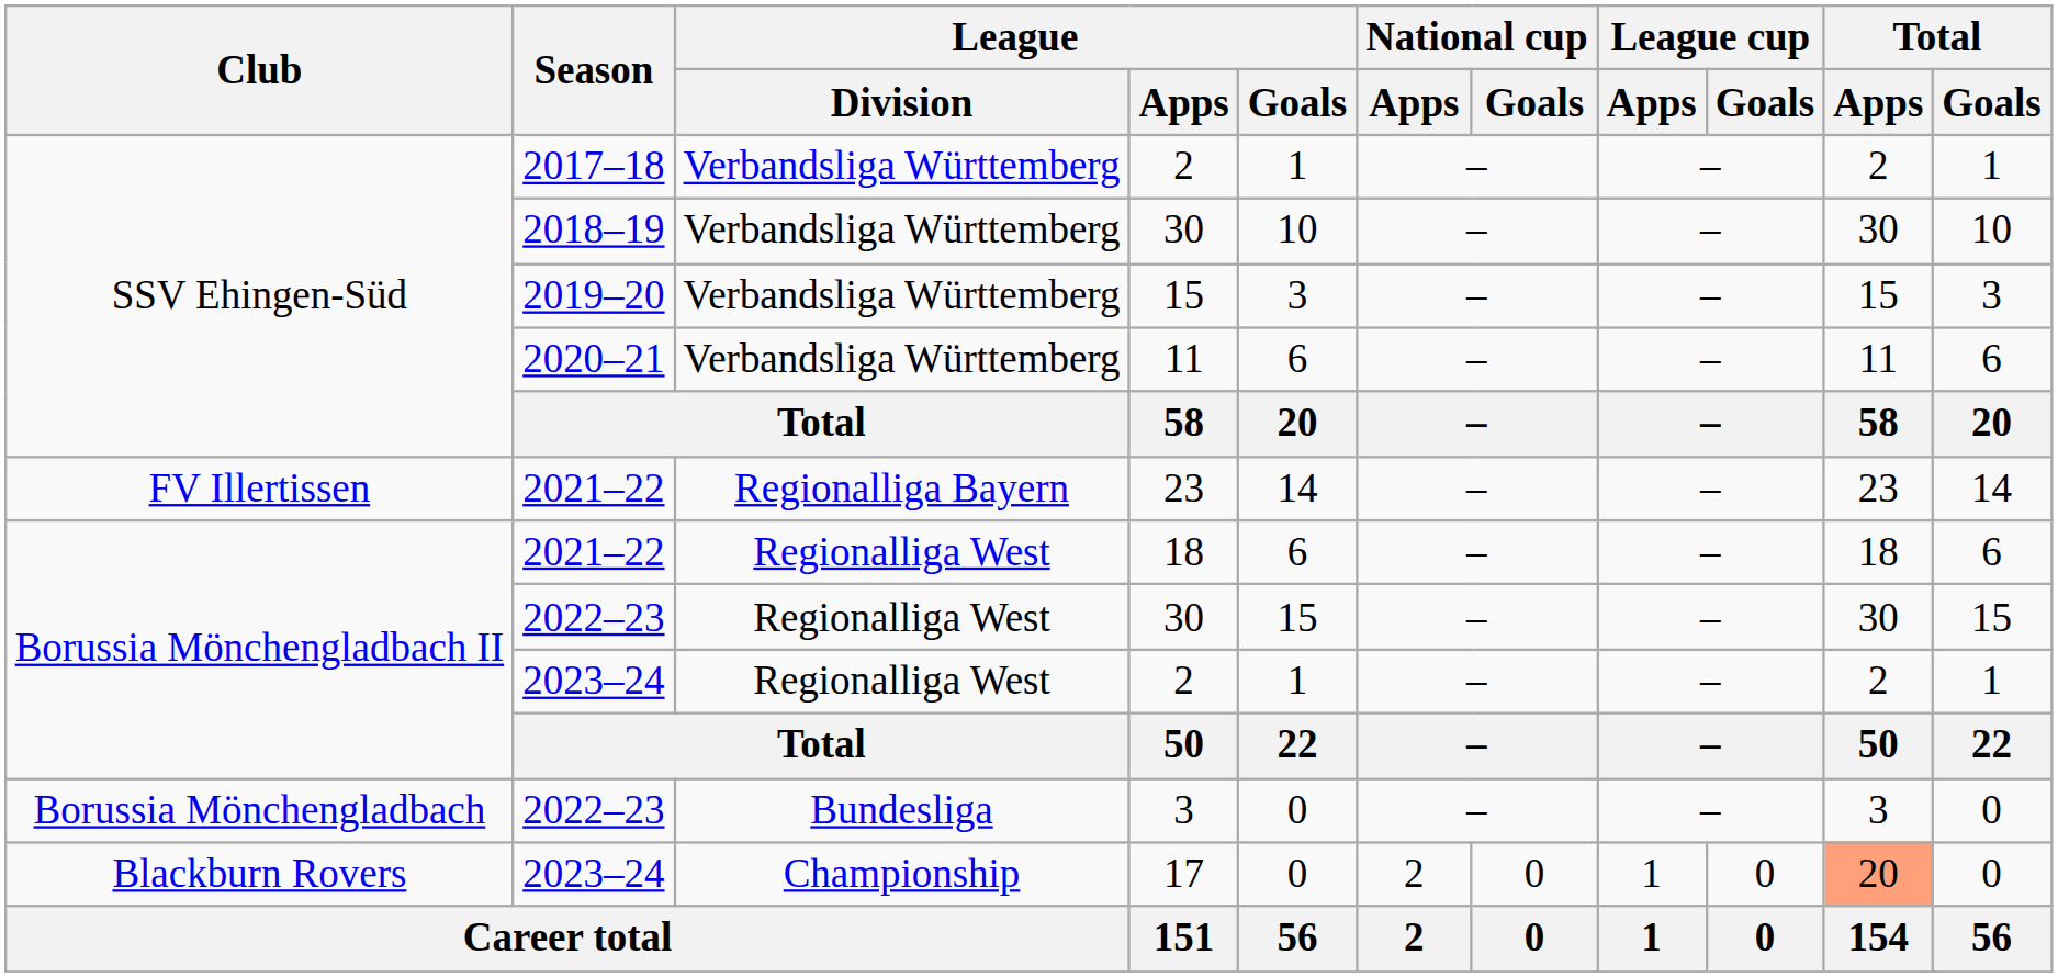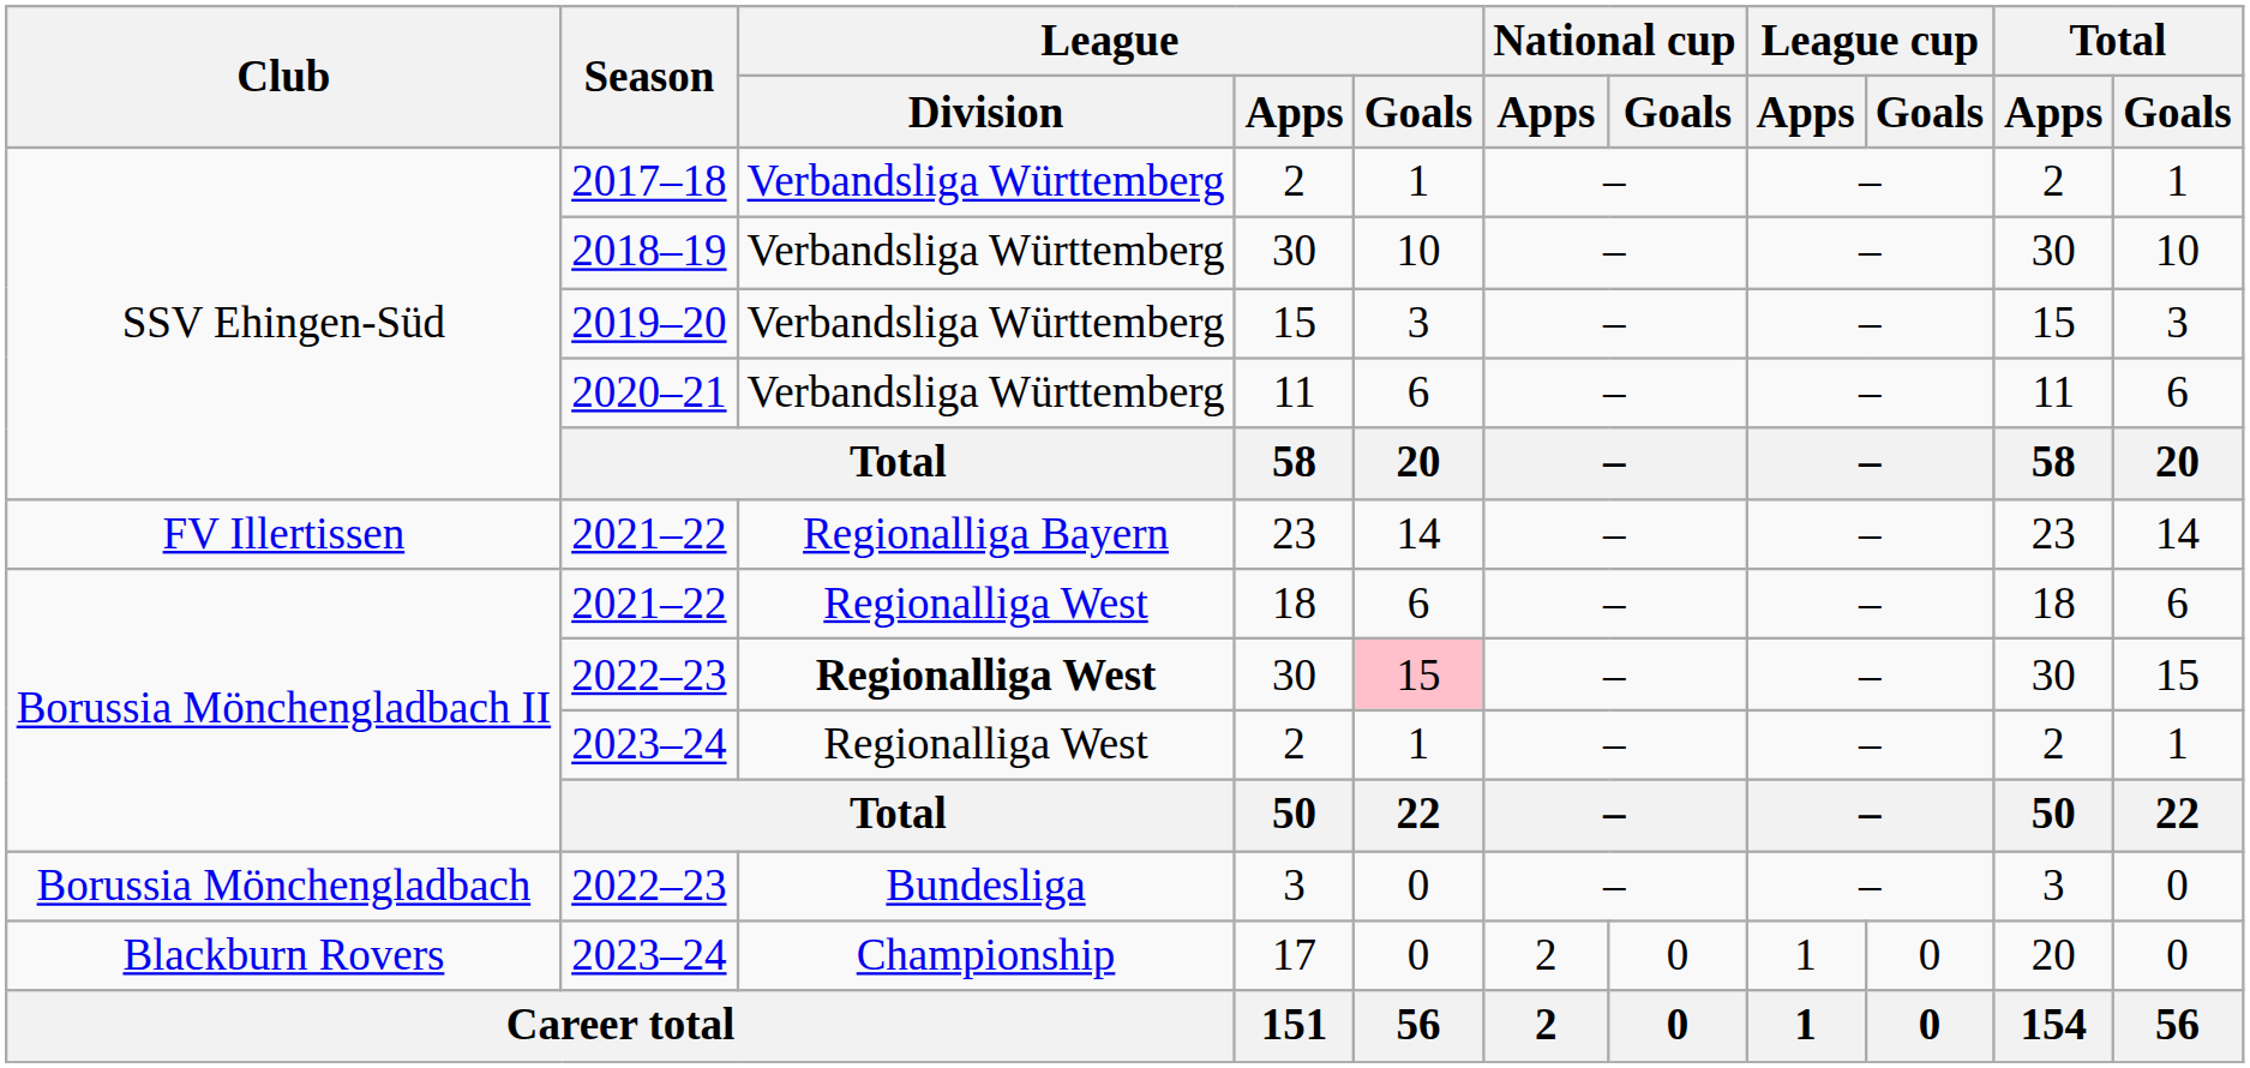 <table class="wikitable" style="text-align:center">
 <tr>
 <th rowspan="2">Club</th>
 <th rowspan="2">Season</th>
 <th colspan="3">League</th>
 <th colspan="2">National cup</th>
 <th colspan="2">League cup</th>
 <th colspan="2">Total</th>
 </tr>
 <tr>
 <th>Division</th>
 <th>Apps</th>
 <th>Goals</th>
 <th>Apps</th>
 <th>Goals</th>
 <th>Apps</th>
 <th>Goals</th>
 <th>Apps</th>
 <th>Goals</th>
 </tr>
 <tr>
 <td rowspan=5>SSV Ehingen-Süd</td>
 <td><a href='#'>2017–18</a></td>
 <td><a href='#'>Verbandsliga Württemberg</a></td>
 <td>2</td>
 <td>1</td>
 <td colspan="2">–</td>
 <td colspan="2">–</td>
 <td>2</td>
 <td>1</td>
 </tr>
 <tr>
 <td><a href='#'>2018–19</a></td>
 <td>Verbandsliga Württemberg</td>
 <td>30</td>
 <td>10</td>
 <td colspan="2">–</td>
 <td colspan="2">–</td>
 <td>30</td>
 <td>10</td>
 </tr>
 <tr>
 <td><a href='#'>2019–20</a></td>
 <td>Verbandsliga Württemberg</td>
 <td>15</td>
 <td>3</td>
 <td colspan="2">–</td>
 <td colspan="2">–</td>
 <td>15</td>
 <td>3</td>
 </tr>
 <tr>
 <td><a href='#'>2020–21</a></td>
 <td>Verbandsliga Württemberg</td>
 <td>11</td>
 <td>6</td>
 <td colspan="2">–</td>
 <td colspan="2">–</td>
 <td>11</td>
 <td>6</td>
 </tr>
 <tr>
 <th colspan="2">Total</th>
 <th>58</th>
 <th>20</th>
 <th colspan="2">–</th>
 <th colspan="2">–</th>
 <th>58</th>
 <th>20</th>
 </tr>
 <tr>
 <td><a href='#'>FV Illertissen</a></td>
 <td><a href='#'>2021–22</a></td>
 <td><a href='#'>Regionalliga Bayern</a></td>
 <td>23</td>
 <td>14</td>
 <td colspan="2">–</td>
 <td colspan="2">–</td>
 <td>23</td>
 <td>14</td>
 </tr>
 <tr>
 <td rowspan="4"><a href='#'>Borussia Mönchengladbach II</a></td>
 <td><a href='#'>2021–22</a></td>
 <td><a href='#'>Regionalliga West</a></td>
 <td>18</td>
 <td>6</td>
 <td colspan="2">–</td>
 <td colspan="2">–</td>
 <td>18</td>
 <td>6</td>
 </tr>
 <tr>
 <td><a href='#'>2022–23</a></td>
-<td>Regionalliga West</td>
+<td><strong>Regionalliga West</strong></td>
 <td>30</td>
-<td>15</td>
+<td style="background: pink;">15</td>
 <td colspan="2">–</td>
 <td colspan="2">–</td>
 <td>30</td>
 <td>15</td>
 </tr>
 <tr>
 <td><a href='#'>2023–24</a></td>
 <td>Regionalliga West</td>
 <td>2</td>
 <td>1</td>
 <td colspan="2">–</td>
 <td colspan="2">–</td>
 <td>2</td>
 <td>1</td>
 </tr>
 <tr>
 <th colspan="2">Total</th>
 <th>50</th>
 <th>22</th>
 <th colspan="2">–</th>
 <th colspan="2">–</th>
 <th>50</th>
 <th>22</th>
 </tr>
 <tr>
 <td><a href='#'>Borussia Mönchengladbach</a></td>
 <td><a href='#'>2022–23</a></td>
 <td><a href='#'>Bundesliga</a></td>
 <td>3</td>
 <td>0</td>
 <td colspan="2">–</td>
 <td colspan="2">–</td>
 <td>3</td>
 <td>0</td>
 </tr>
 <tr>
 <td><a href='#'>Blackburn Rovers</a></td>
 <td><a href='#'>2023–24</a></td>
 <td><a href='#'>Championship</a></td>
 <td>17</td>
 <td>0</td>
 <td>2</td>
 <td>0</td>
 <td>1</td>
 <td>0</td>
-<td style="background: lightsalmon;">20</td>
+<td>20</td>
 <td>0</td>
 </tr>
 <tr>
 <th colspan="3">Career total</th>
 <th>151</th>
 <th>56</th>
 <th>2</th>
 <th>0</th>
 <th>1</th>
 <th>0</th>
 <th>154</th>
 <th>56</th>
 </tr>
 </table>
